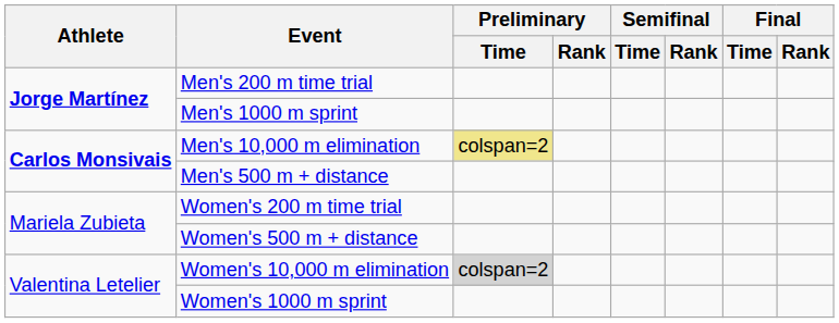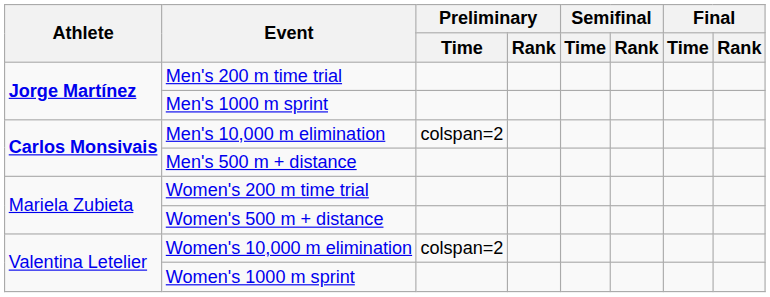 <table class="wikitable">
 <tr>
 <th rowspan="2">Athlete</th>
 <th rowspan="2">Event</th>
 <th colspan="2">Preliminary</th>
 <th colspan="2">Semifinal</th>
 <th colspan="2">Final</th>
 </tr>
 <tr>
 <th>Time</th>
 <th>Rank</th>
 <th>Time</th>
 <th>Rank</th>
 <th>Time</th>
 <th>Rank</th>
 </tr>
 <tr>
 <td rowspan="2" align="left"><strong><a href='#'>Jorge Martínez</a></strong></td>
 <td align="left"><a href='#'>Men's 200 m time trial</a></td>
 <td></td>
 <td></td>
 <td></td>
 <td></td>
 <td></td>
 <td></td>
 </tr>
 <tr>
 <td><a href='#'>Men's 1000 m sprint</a></td>
 <td></td>
 <td></td>
 <td></td>
 <td></td>
 <td></td>
 <td></td>
 </tr>
 <tr>
 <td rowspan="2" align="left"><strong><a href='#'>Carlos Monsivais</a></strong></td>
 <td align="left"><a href='#'>Men's 10,000 m elimination</a></td>
-<td style="background: khaki;">colspan=2 </td>
+<td>colspan=2 </td>
 <td></td>
 <td></td>
 <td></td>
 <td></td>
 </tr>
 <tr>
 <td align="left"><a href='#'>Men's 500 m + distance</a></td>
 <td></td>
 <td></td>
 <td></td>
 <td></td>
 <td></td>
 <td></td>
 </tr>
 <tr>
 <td rowspan="2" align="left"><a href='#'>Mariela Zubieta</a></td>
 <td align="left"><a href='#'>Women's 200 m time trial</a></td>
 <td></td>
 <td></td>
 <td></td>
 <td></td>
 <td></td>
 <td></td>
 </tr>
 <tr>
 <td align="left"><a href='#'>Women's 500 m + distance</a></td>
 <td></td>
 <td></td>
 <td></td>
 <td></td>
 <td></td>
 <td></td>
 </tr>
 <tr>
 <td rowspan="2" align="left"><a href='#'>Valentina Letelier</a></td>
 <td align="left"><a href='#'>Women's 10,000 m elimination</a></td>
-<td style="background: lightgrey;">colspan=2 </td>
+<td>colspan=2 </td>
 <td></td>
 <td></td>
 <td></td>
 <td></td>
 </tr>
 <tr>
 <td><a href='#'>Women's 1000 m sprint</a></td>
 <td></td>
 <td></td>
 <td></td>
 <td></td>
 <td></td>
 <td></td>
 </tr>
 </table>
